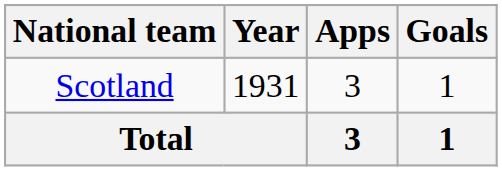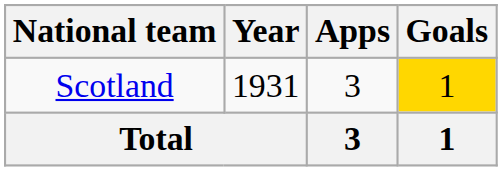 <table class="wikitable" style="text-align:center">
 <tr>
 <th>National team</th>
 <th>Year</th>
 <th>Apps</th>
 <th>Goals</th>
 </tr>
 <tr>
 <td><a href='#'>Scotland</a></td>
 <td>1931</td>
 <td>3</td>
-<td>1</td>
+<td style="background: gold;">1</td>
 </tr>
 <tr>
 <th colspan="2">Total</th>
 <th>3</th>
 <th>1</th>
 </tr>
 </table>
